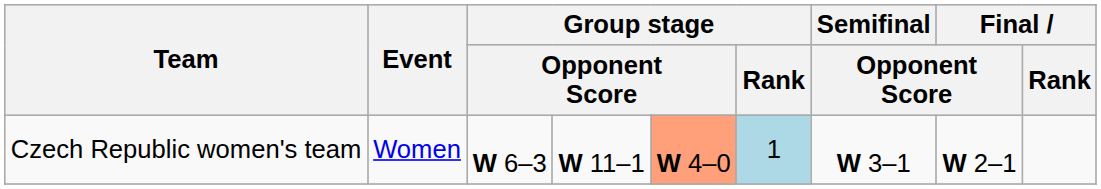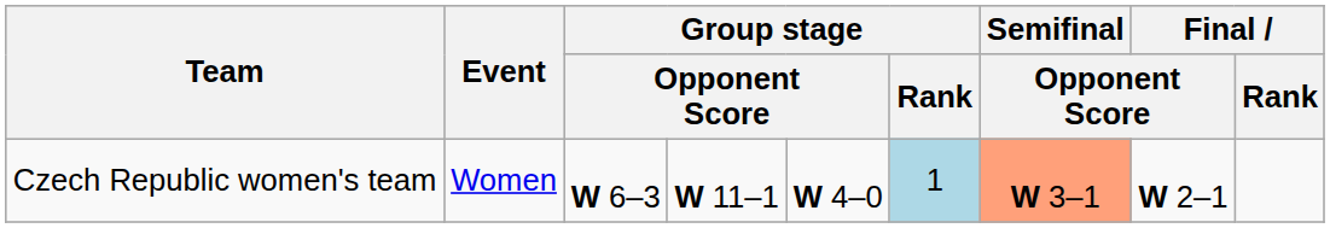 <table class="wikitable">
 <tr>
 <th rowspan="2">Team</th>
 <th rowspan="2">Event</th>
 <th colspan="4">Group stage</th>
 <th>Semifinal</th>
 <th colspan="2">Final / </th>
 </tr>
 <tr>
 <th colspan="3">Opponent<br>Score</th>
 <th>Rank</th>
 <th colspan="2">Opponent<br>Score</th>
 <th>Rank</th>
 </tr>
 <tr align="center">
 <td align="left">Czech Republic women's team</td>
 <td align="left"><a href='#'>Women</a></td>
 <td><br><strong>W</strong> 6–3</td>
 <td><br><strong>W</strong> 11–1</td>
-<td style="background: lightsalmon;"><br><strong>W</strong> 4–0</td>
+<td><br><strong>W</strong> 4–0</td>
 <td style="background: lightblue;">1</td>
-<td><br><strong>W</strong> 3–1</td>
+<td style="background: lightsalmon;"><br><strong>W</strong> 3–1</td>
 <td><br><strong>W</strong> 2–1 </td>
 <td></td>
 </tr>
 </table>
